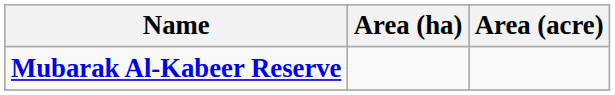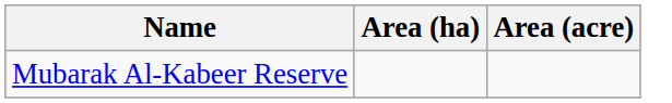 <table class="wikitable sortable">
 <tr>
 <th scope="col" align=left>Name</th>
 <th scope="col">Area (ha)</th>
 <th scope="col">Area (acre)</th>
 </tr>
 <tr ---->
-<td><strong><a href='#'>Mubarak Al-Kabeer Reserve</a></strong></td>
+<td><a href='#'>Mubarak Al-Kabeer Reserve</a></td>
 <td></td>
 </tr>
 </table>
